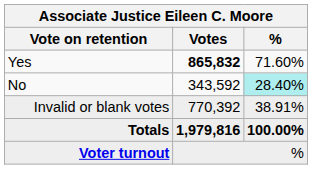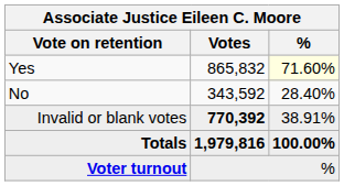 <table class="wikitable" style="font-size: 95%;">
 <tr style="background-color:#E9E9E9">
 <th colspan=7>Associate Justice Eileen C. Moore</th>
 </tr>
 <tr style="background-color:#E9E9E9">
 <th style="width: 170px">Vote on retention</th>
 <th style="width: 50px">Votes</th>
 <th style="width: 40px">%</th>
 </tr>
 <tr>
 <td>Yes</td>
-<td align="right"><strong>865,832</strong></td>
-<td align="right">71.60%</td>
+<td align="right">865,832</td>
+<td align="right" style="background: lightyellow;">71.60%</td>
 </tr>
 <tr>
 <td>No</td>
 <td align="right">343,592</td>
-<td align="right" style="background: paleturquoise;">28.40%</td>
+<td align="right">28.40%</td>
 </tr>
 <tr bgcolor="#EEEEEE">
 <td align="right">Invalid or blank votes</td>
-<td align="right">770,392</td>
+<td align="right"><strong>770,392</strong></td>
 <td align="right">38.91%</td>
 </tr>
 <tr bgcolor="#EEEEEE">
 <td align="right"><strong>Totals</strong></td>
 <td align="right"><strong>1,979,816</strong></td>
 <td align="right"><strong>100.00%</strong></td>
 </tr>
 <tr bgcolor="#EEEEEE">
 <td align="right"><strong><a href='#'>Voter turnout</a></strong></td>
 <td colspan="2" align="right">%</td>
 </tr>
 </table>
